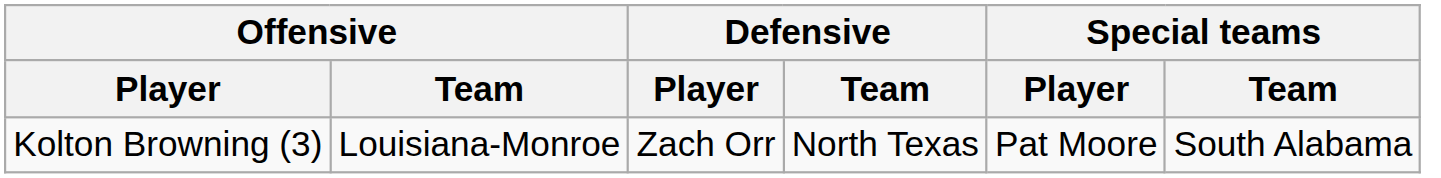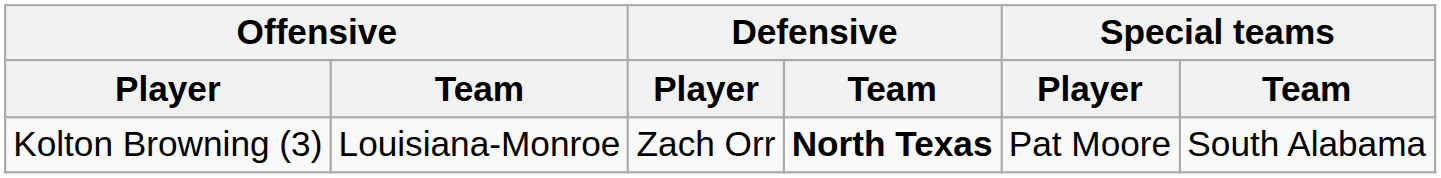 <table class="wikitable">
 <tr>
 <th colspan="2">Offensive</th>
 <th colspan="2">Defensive</th>
 <th colspan="2">Special teams</th>
 </tr>
 <tr>
 <th>Player</th>
 <th>Team</th>
 <th>Player</th>
 <th>Team</th>
 <th>Player</th>
 <th>Team</th>
 </tr>
 <tr>
 <td>Kolton Browning (3)</td>
 <td>Louisiana-Monroe</td>
 <td>Zach Orr</td>
-<td>North Texas</td>
+<td><strong>North Texas</strong></td>
 <td>Pat Moore</td>
 <td>South Alabama</td>
 </tr>
 </table>
